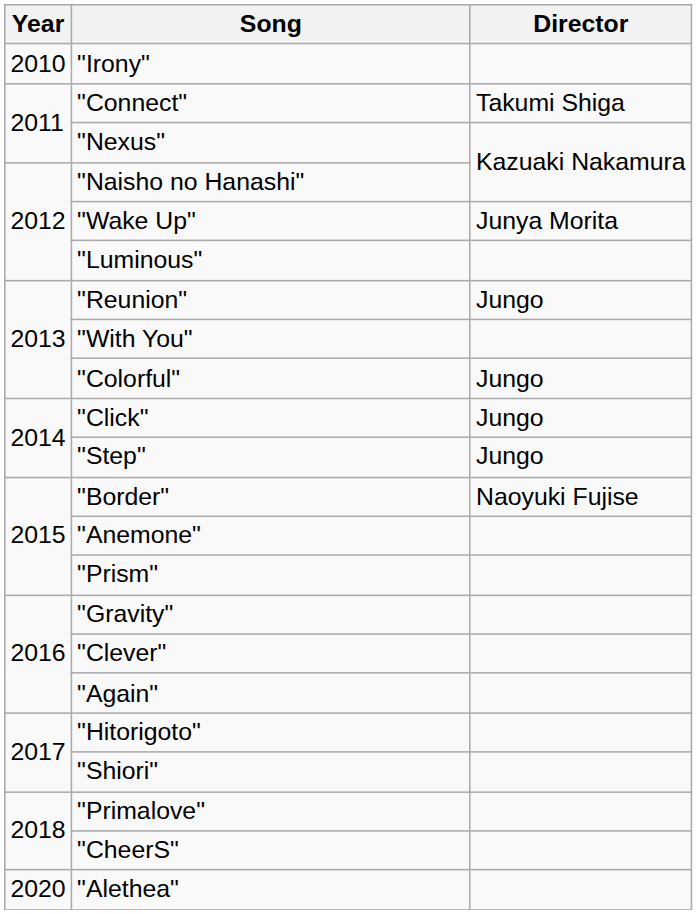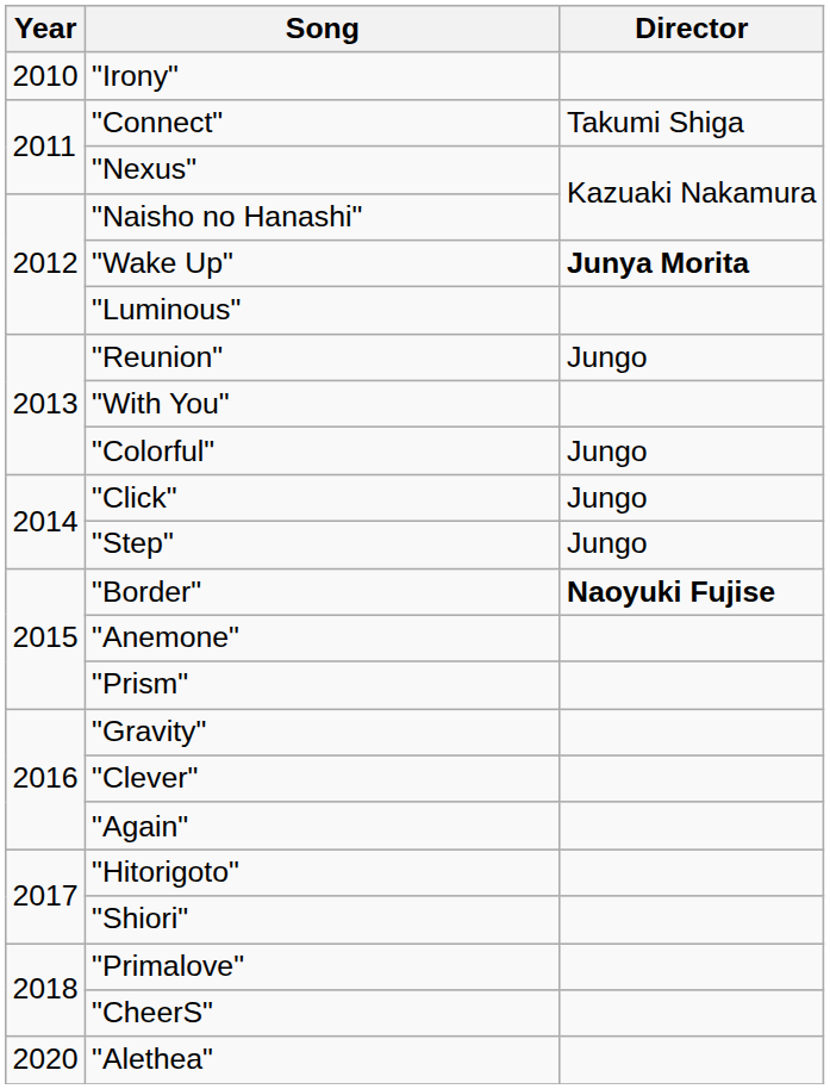 <table class="wikitable">
 <tr>
 <th>Year</th>
 <th width="250">Song</th>
 <th>Director</th>
 </tr>
 <tr>
 <td>2010</td>
 <td>"Irony"</td>
 <td></td>
 </tr>
 <tr>
 <td rowspan="2">2011</td>
 <td>"Connect"</td>
 <td>Takumi Shiga</td>
 </tr>
 <tr>
 <td>"Nexus"</td>
 <td rowspan="2">Kazuaki Nakamura</td>
 </tr>
 <tr>
 <td rowspan="3">2012</td>
 <td>"Naisho no Hanashi"</td>
 </tr>
 <tr>
 <td>"Wake Up"</td>
-<td>Junya Morita</td>
+<td><strong>Junya Morita</strong></td>
 </tr>
 <tr>
 <td>"Luminous"</td>
 <td></td>
 </tr>
 <tr>
 <td rowspan="3">2013</td>
 <td>"Reunion"</td>
 <td>Jungo</td>
 </tr>
 <tr>
 <td>"With You"</td>
 <td></td>
 </tr>
 <tr>
 <td>"Colorful"</td>
 <td>Jungo</td>
 </tr>
 <tr>
 <td rowspan="2">2014</td>
 <td>"Click"</td>
 <td>Jungo</td>
 </tr>
 <tr>
 <td>"Step"</td>
 <td>Jungo</td>
 </tr>
 <tr>
 <td rowspan="3">2015</td>
 <td>"Border"</td>
-<td>Naoyuki Fujise</td>
+<td><strong>Naoyuki Fujise</strong></td>
 </tr>
 <tr>
 <td>"Anemone"</td>
 <td></td>
 </tr>
 <tr>
 <td>"Prism"</td>
 <td></td>
 </tr>
 <tr>
 <td rowspan="3">2016</td>
 <td>"Gravity"</td>
 <td></td>
 </tr>
 <tr>
 <td>"Clever"</td>
 <td></td>
 </tr>
 <tr>
 <td>"Again"</td>
 <td></td>
 </tr>
 <tr>
 <td rowspan="2">2017</td>
 <td>"Hitorigoto"</td>
 <td></td>
 </tr>
 <tr>
 <td>"Shiori"</td>
 <td></td>
 </tr>
 <tr>
 <td rowspan="2">2018</td>
 <td>"Primalove"</td>
 <td></td>
 </tr>
 <tr>
 <td>"CheerS"</td>
 <td></td>
 </tr>
 <tr>
 <td>2020</td>
 <td>"Alethea"</td>
 <td></td>
 </tr>
 </table>
